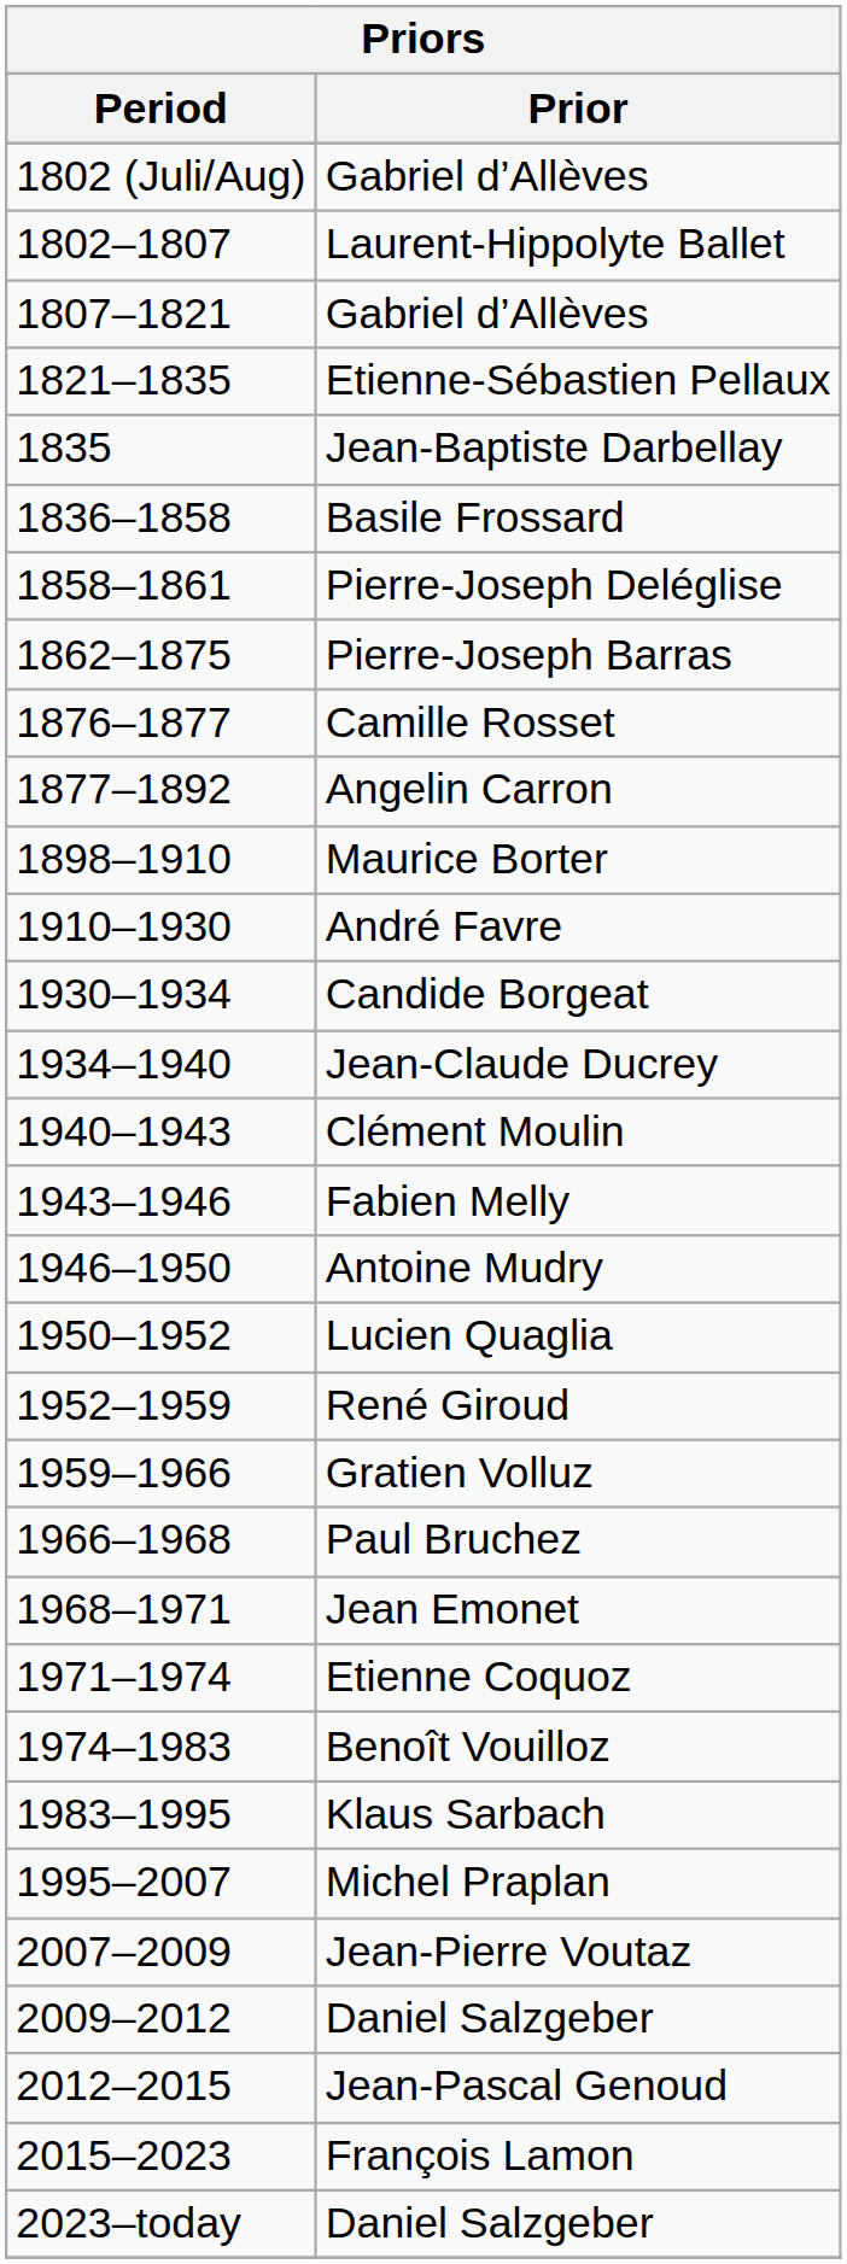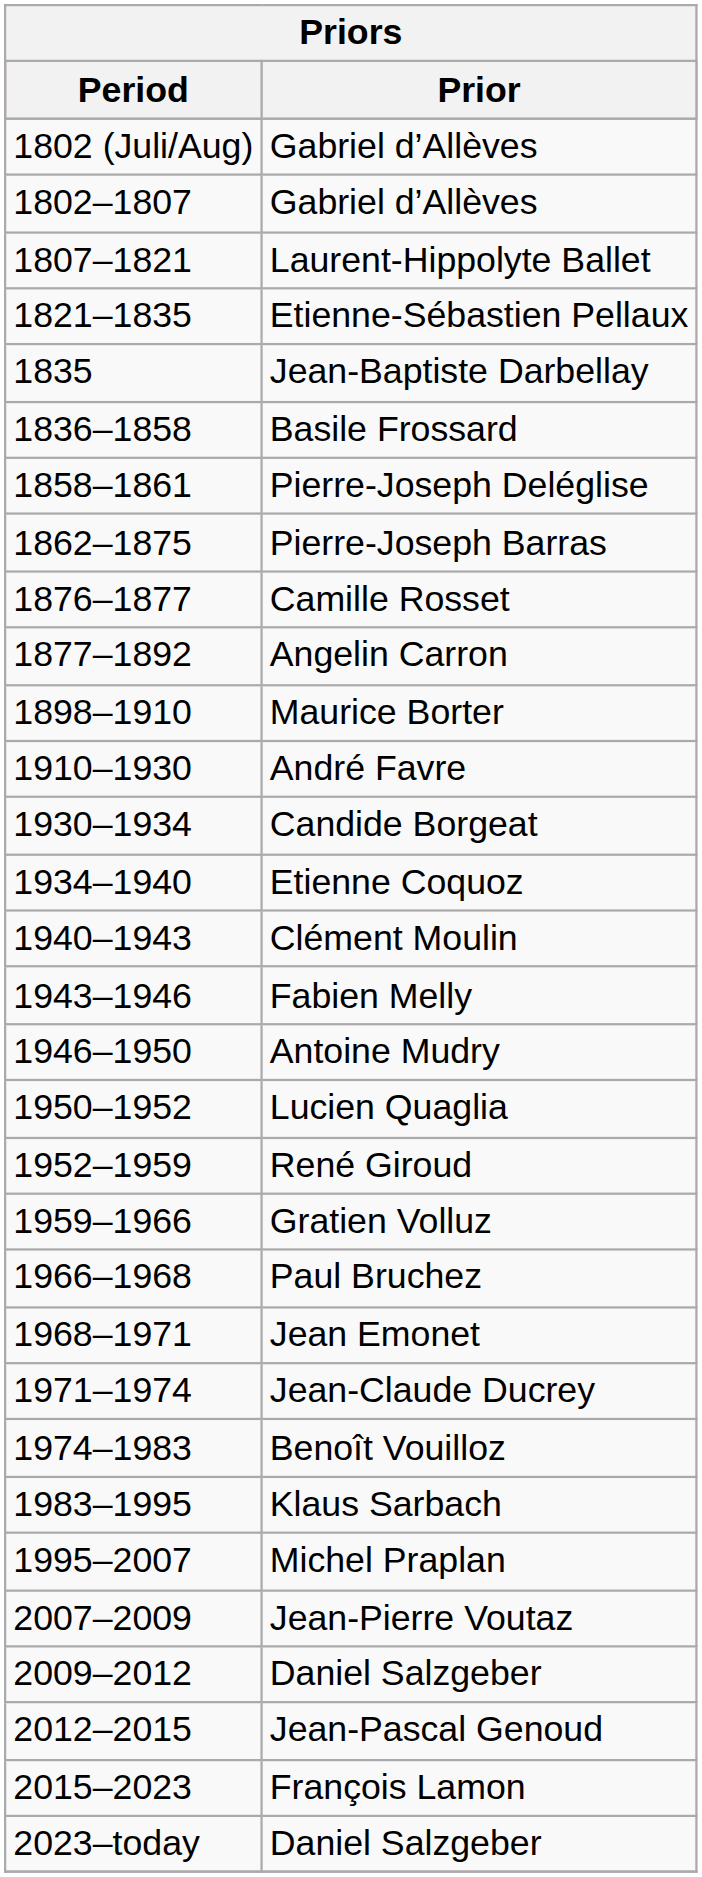 <table class="wikitable floatright" style="vertical-align:top;">
 <tr>
 <th class="unsortable" colspan="2" style="color:black;">Priors</th>
 </tr>
 <tr style="background:#8B5742;">
 <th>Period</th>
 <th>Prior</th>
 </tr>
 <tr>
 <td>1802 (Juli/Aug)</td>
 <td>Gabriel d’Allèves</td>
 </tr>
 <tr>
 <td>1802–1807</td>
-<td>Laurent-Hippolyte Ballet</td>
+<td>Gabriel d’Allèves</td>
 </tr>
 <tr>
 <td>1807–1821</td>
-<td>Gabriel d’Allèves</td>
+<td>Laurent-Hippolyte Ballet</td>
 </tr>
 <tr>
 <td>1821–1835</td>
 <td>Etienne-Sébastien Pellaux</td>
 </tr>
 <tr>
 <td>1835</td>
 <td>Jean-Baptiste Darbellay</td>
 </tr>
 <tr>
 <td>1836–1858</td>
 <td>Basile Frossard</td>
 </tr>
 <tr>
 <td>1858–1861</td>
 <td>Pierre-Joseph Deléglise</td>
 </tr>
 <tr>
 <td>1862–1875</td>
 <td>Pierre-Joseph Barras</td>
 </tr>
 <tr>
 <td>1876–1877</td>
 <td>Camille Rosset</td>
 </tr>
 <tr>
 <td>1877–1892</td>
 <td>Angelin Carron</td>
 </tr>
 <tr>
 <td>1898–1910</td>
 <td>Maurice Borter</td>
 </tr>
 <tr>
 <td>1910–1930</td>
 <td>André Favre</td>
 </tr>
 <tr>
 <td>1930–1934</td>
 <td>Candide Borgeat</td>
 </tr>
 <tr>
 <td>1934–1940</td>
-<td>Jean-Claude Ducrey</td>
+<td>Etienne Coquoz</td>
 </tr>
 <tr>
 <td>1940–1943</td>
 <td>Clément Moulin</td>
 </tr>
 <tr>
 <td>1943–1946</td>
 <td>Fabien Melly</td>
 </tr>
 <tr>
 <td>1946–1950</td>
 <td>Antoine Mudry</td>
 </tr>
 <tr>
 <td>1950–1952</td>
 <td>Lucien Quaglia</td>
 </tr>
 <tr>
 <td>1952–1959</td>
 <td>René Giroud</td>
 </tr>
 <tr>
 <td>1959–1966</td>
 <td>Gratien Volluz</td>
 </tr>
 <tr>
 <td>1966–1968</td>
 <td>Paul Bruchez</td>
 </tr>
 <tr>
 <td>1968–1971</td>
 <td>Jean Emonet</td>
 </tr>
 <tr>
 <td>1971–1974</td>
-<td>Etienne Coquoz</td>
+<td>Jean-Claude Ducrey</td>
 </tr>
 <tr>
 <td>1974–1983</td>
 <td>Benoît Vouilloz</td>
 </tr>
 <tr>
 <td>1983–1995</td>
 <td>Klaus Sarbach</td>
 </tr>
 <tr>
 <td>1995–2007</td>
 <td>Michel Praplan</td>
 </tr>
 <tr>
 <td>2007–2009</td>
 <td>Jean-Pierre Voutaz</td>
 </tr>
 <tr>
 <td>2009–2012</td>
 <td>Daniel Salzgeber</td>
 </tr>
 <tr>
 <td>2012–2015</td>
 <td>Jean-Pascal Genoud</td>
 </tr>
 <tr>
 <td>2015–2023</td>
 <td>François Lamon</td>
 </tr>
 <tr>
 <td>2023–today</td>
 <td>Daniel Salzgeber</td>
 </tr>
 <tr>
 </tr>
 </table>
